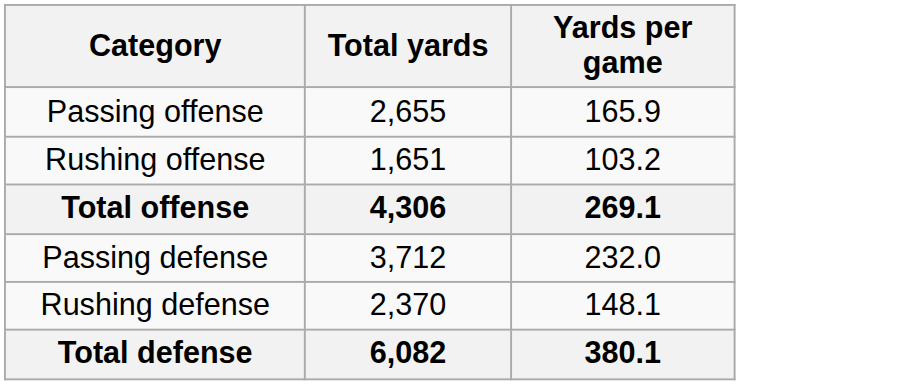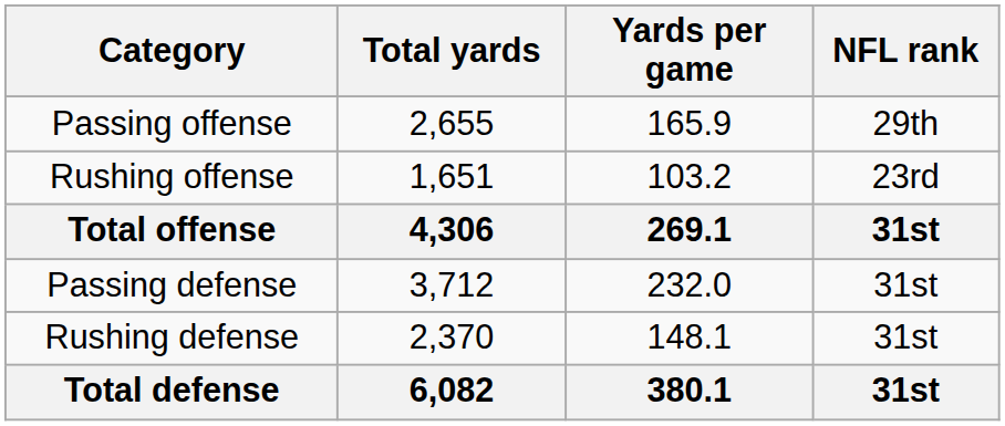 <table class="wikitable" style="text-align:center">
 <tr>
 <th width="150">Category</th>
 <th width="100">Total yards</th>
 <th width="110">Yards per game</th>
+<th width="80">NFL rank<br></th>
 </tr>
 <tr>
 <td>Passing offense</td>
 <td>2,655</td>
 <td>165.9</td>
+<td>29th</td>
 </tr>
 <tr>
 <td>Rushing offense</td>
 <td>1,651</td>
 <td>103.2</td>
+<td>23rd</td>
 </tr>
 <tr>
 <th>Total offense</th>
 <th>4,306</th>
 <th>269.1</th>
+<th>31st</th>
 </tr>
 <tr>
 <td>Passing defense</td>
 <td>3,712</td>
 <td>232.0</td>
+<td>31st</td>
 </tr>
 <tr>
 <td>Rushing defense</td>
 <td>2,370</td>
 <td>148.1</td>
+<td>31st</td>
 </tr>
 <tr>
 <th>Total defense</th>
 <th>6,082</th>
 <th>380.1</th>
+<th>31st</th>
 </tr>
 </table>
